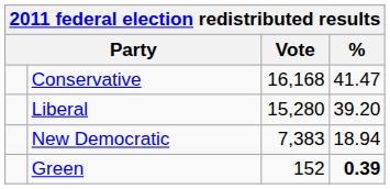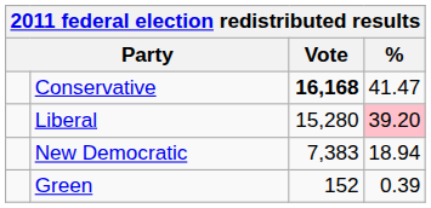 <table class="wikitable">
 <tr>
 <th colspan="4"><a href='#'>2011 federal election</a> redistributed results</th>
 </tr>
 <tr>
 <th bgcolor="#DDDDFF" width="130px" colspan="2">Party</th>
 <th bgcolor="#DDDDFF" width="50px">Vote</th>
 <th bgcolor="#DDDDFF" width="30px">%</th>
 </tr>
 <tr>
 <td> </td>
 <td><a href='#'>Conservative</a></td>
-<td align=right>16,168</td>
+<td align=right><strong>16,168</strong></td>
 <td align=right>41.47</td>
 </tr>
 <tr>
 <td> </td>
 <td><a href='#'>Liberal</a></td>
 <td align=right>15,280</td>
-<td align=right>39.20</td>
+<td align=right style="background: pink;">39.20</td>
 </tr>
 <tr>
 <td> </td>
 <td><a href='#'>New Democratic</a></td>
 <td align=right>7,383</td>
 <td align=right>18.94</td>
 </tr>
 <tr>
 <td> </td>
 <td><a href='#'>Green</a></td>
 <td align=right>152</td>
-<td align=right><strong>0.39</strong></td>
+<td align=right>0.39</td>
 </tr>
 </table>
